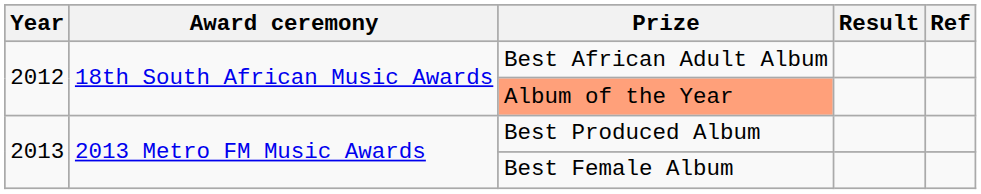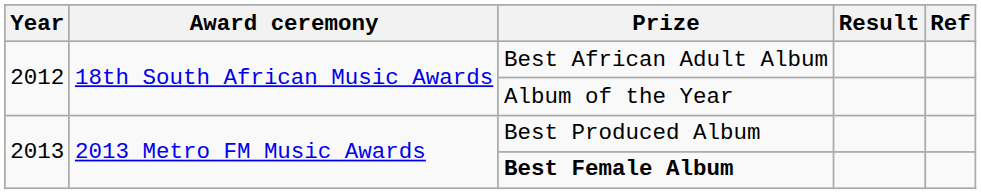 <table class ="wikitable">
 <tr>
 <th>Year</th>
 <th>Award ceremony</th>
 <th>Prize</th>
 <th>Result</th>
 <th>Ref</th>
 </tr>
 <tr>
 <td rowspan="2">2012</td>
 <td rowspan="2"><a href='#'>18th South African Music Awards</a></td>
 <td>Best African Adult Album</td>
 <td></td>
 <td></td>
 </tr>
 <tr>
-<td style="background: lightsalmon;">Album of the Year</td>
+<td>Album of the Year</td>
 <td></td>
 <td></td>
 </tr>
 <tr>
 <td rowspan="2">2013</td>
 <td rowspan="2"><a href='#'>2013 Metro FM Music Awards</a></td>
 <td>Best Produced Album</td>
 <td></td>
 <td></td>
 </tr>
 <tr>
-<td>Best Female Album</td>
+<td><strong>Best Female Album</strong></td>
 <td></td>
 <td></td>
 </tr>
 </table>
